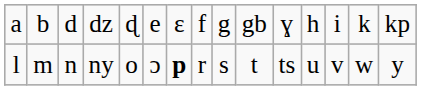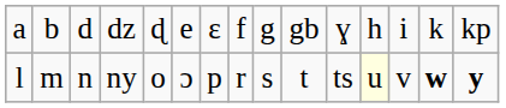 <table class="wikitable" style="text-align: center; vertical-align: middle;">
 <tr>
 <td>a</td>
 <td>b</td>
 <td>d</td>
 <td>dz</td>
 <td>ɖ</td>
 <td>e</td>
 <td>ɛ</td>
 <td>f</td>
 <td>g</td>
 <td>gb</td>
 <td>ɣ</td>
 <td>h</td>
 <td>i</td>
 <td>k</td>
 <td>kp</td>
 </tr>
 <tr>
 <td>l</td>
 <td>m</td>
 <td>n</td>
 <td>ny</td>
 <td>o</td>
 <td>ɔ</td>
-<td><strong>p</strong></td>
+<td>p</td>
 <td>r</td>
 <td>s</td>
 <td>t</td>
 <td>ts</td>
-<td>u</td>
+<td style="background: lightyellow;">u</td>
 <td>v</td>
-<td>w</td>
-<td>y</td>
+<td><strong>w</strong></td>
+<td><strong>y</strong></td>
 </tr>
 </table>
